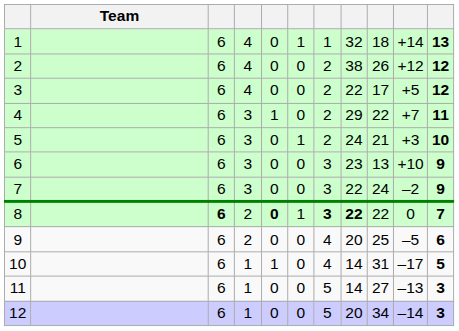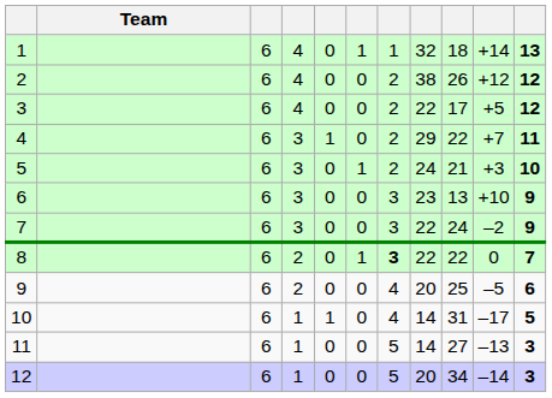 <table class="wikitable" style="text-align: center;">
 <tr>
 <th width="20"></th>
 <th style="width:175px;">Team</th>
 <th width="20"></th>
 <th width="20"></th>
 <th width="20"></th>
 <th width="20"></th>
 <th width="20"></th>
 <th width="20"></th>
 <th width="20"></th>
 <th width="20"></th>
 <th width="20"></th>
 </tr>
 <tr bgcolor=#ccffcc>
 <td>1</td>
 <td align=left></td>
 <td>6</td>
 <td>4</td>
 <td>0</td>
 <td>1</td>
 <td>1</td>
 <td>32</td>
 <td>18</td>
 <td>+14</td>
 <td><strong>13</strong></td>
 </tr>
 <tr bgcolor=#ccffcc>
 <td>2</td>
 <td align=left></td>
 <td>6</td>
 <td>4</td>
 <td>0</td>
 <td>0</td>
 <td>2</td>
 <td>38</td>
 <td>26</td>
 <td>+12</td>
 <td><strong>12</strong></td>
 </tr>
 <tr bgcolor=#ccffcc>
 <td>3</td>
 <td align=left></td>
 <td>6</td>
 <td>4</td>
 <td>0</td>
 <td>0</td>
 <td>2</td>
 <td>22</td>
 <td>17</td>
 <td>+5</td>
 <td><strong>12</strong></td>
 </tr>
 <tr bgcolor=#ccffcc>
 <td>4</td>
 <td align=left></td>
 <td>6</td>
 <td>3</td>
 <td>1</td>
 <td>0</td>
 <td>2</td>
 <td>29</td>
 <td>22</td>
 <td>+7</td>
 <td><strong>11</strong></td>
 </tr>
 <tr bgcolor=#ccffcc>
 <td>5</td>
 <td align=left></td>
 <td>6</td>
 <td>3</td>
 <td>0</td>
 <td>1</td>
 <td>2</td>
 <td>24</td>
 <td>21</td>
 <td>+3</td>
 <td><strong>10</strong></td>
 </tr>
 <tr bgcolor=#ccffcc>
 <td>6</td>
 <td align=left></td>
 <td>6</td>
 <td>3</td>
 <td>0</td>
 <td>0</td>
 <td>3</td>
 <td>23</td>
 <td>13</td>
 <td>+10</td>
 <td><strong>9</strong></td>
 </tr>
 <tr bgcolor=#ccffcc>
 <td>7</td>
 <td align=left></td>
 <td>6</td>
 <td>3</td>
 <td>0</td>
 <td>0</td>
 <td>3</td>
 <td>22</td>
 <td>24</td>
 <td>–2</td>
 <td><strong>9</strong></td>
 </tr>
 <tr style="border-bottom:3px solid green;">
 </tr>
 <tr bgcolor=#ccffcc>
 <td>8</td>
 <td align=left></td>
-<td><strong>6</strong></td>
+<td>6</td>
 <td>2</td>
-<td><strong>0</strong></td>
+<td>0</td>
 <td>1</td>
 <td><strong>3</strong></td>
-<td><strong>22</strong></td>
+<td>22</td>
 <td>22</td>
 <td>0</td>
 <td><strong>7</strong></td>
 </tr>
 <tr>
 <td>9</td>
 <td align=left></td>
 <td>6</td>
 <td>2</td>
 <td>0</td>
 <td>0</td>
 <td>4</td>
 <td>20</td>
 <td>25</td>
 <td>–5</td>
 <td><strong>6</strong></td>
 </tr>
 <tr>
 <td>10</td>
 <td align=left></td>
 <td>6</td>
 <td>1</td>
 <td>1</td>
 <td>0</td>
 <td>4</td>
 <td>14</td>
 <td>31</td>
 <td>–17</td>
 <td><strong>5</strong></td>
 </tr>
 <tr>
 <td>11</td>
 <td align=left></td>
 <td>6</td>
 <td>1</td>
 <td>0</td>
 <td>0</td>
 <td>5</td>
 <td>14</td>
 <td>27</td>
 <td>–13</td>
 <td><strong>3</strong></td>
 </tr>
 <tr bgcolor=#ccccff>
 <td>12</td>
 <td align=left></td>
 <td>6</td>
 <td>1</td>
 <td>0</td>
 <td>0</td>
 <td>5</td>
 <td>20</td>
 <td>34</td>
 <td>–14</td>
 <td><strong>3</strong></td>
 </tr>
 </table>
